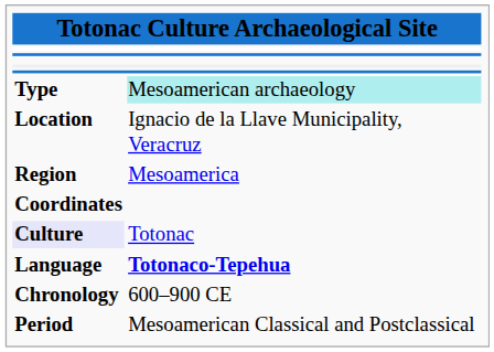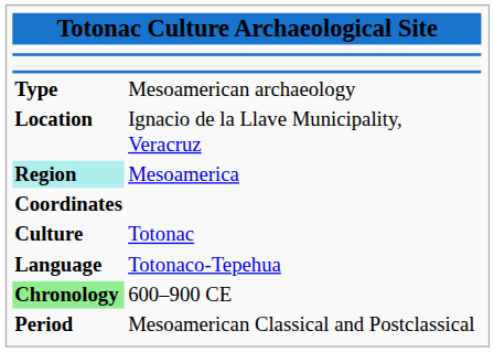 <table class="infobox" style="font-size:90%; text-align:left; width:23.5em">
 <tr>
 <td colspan="3" bgcolor=#1874CD style="text-align: center; font-size: larger;"><span><strong> Totonac Culture Archaeological Site</strong></span></td>
 </tr>
 <tr style="vertical-align: top; text-align: center;">
 <td colspan=3 bgcolor="#FFFFFF" align="center"></td>
 </tr>
 <tr>
 <td colspan="2" bgcolor=#1874CD></td>
 </tr>
 <tr>
 <td colspan=2></td>
 </tr>
 <tr>
 <td style="background:#efefef;"align="center" colspan="2"></td>
 </tr>
 <tr>
 <td colspan="2" bgcolor=#1874CD></td>
 </tr>
 <tr>
 <td><strong>Type</strong></td>
-<td style="background: paleturquoise;">Mesoamerican archaeology</td>
+<td>Mesoamerican archaeology</td>
 </tr>
 <tr>
 <td><strong>Location</strong></td>
 <td>Ignacio de la Llave Municipality, <a href='#'>Veracruz</a><br></td>
 </tr>
 <tr>
-<td><strong>Region</strong></td>
+<td style="background: paleturquoise;"><strong>Region</strong></td>
 <td><a href='#'>Mesoamerica</a></td>
 </tr>
 <tr>
 <td><strong>Coordinates</strong></td>
 <td></td>
 </tr>
 <tr>
-<td style="background: lavender;"><strong>Culture</strong></td>
+<td><strong>Culture</strong></td>
 <td><a href='#'>Totonac</a></td>
 </tr>
 <tr>
 <td><strong>Language</strong></td>
-<td><strong><a href='#'>Totonaco-Tepehua</a></strong></td>
+<td><a href='#'>Totonaco-Tepehua</a></td>
 </tr>
 <tr>
-<td><strong>Chronology</strong></td>
+<td style="background: lightgreen;"><strong>Chronology</strong></td>
 <td>600–900 CE</td>
 </tr>
 <tr>
 <td><strong>Period</strong></td>
 <td>Mesoamerican Classical and Postclassical</td>
 </tr>
 </table>
